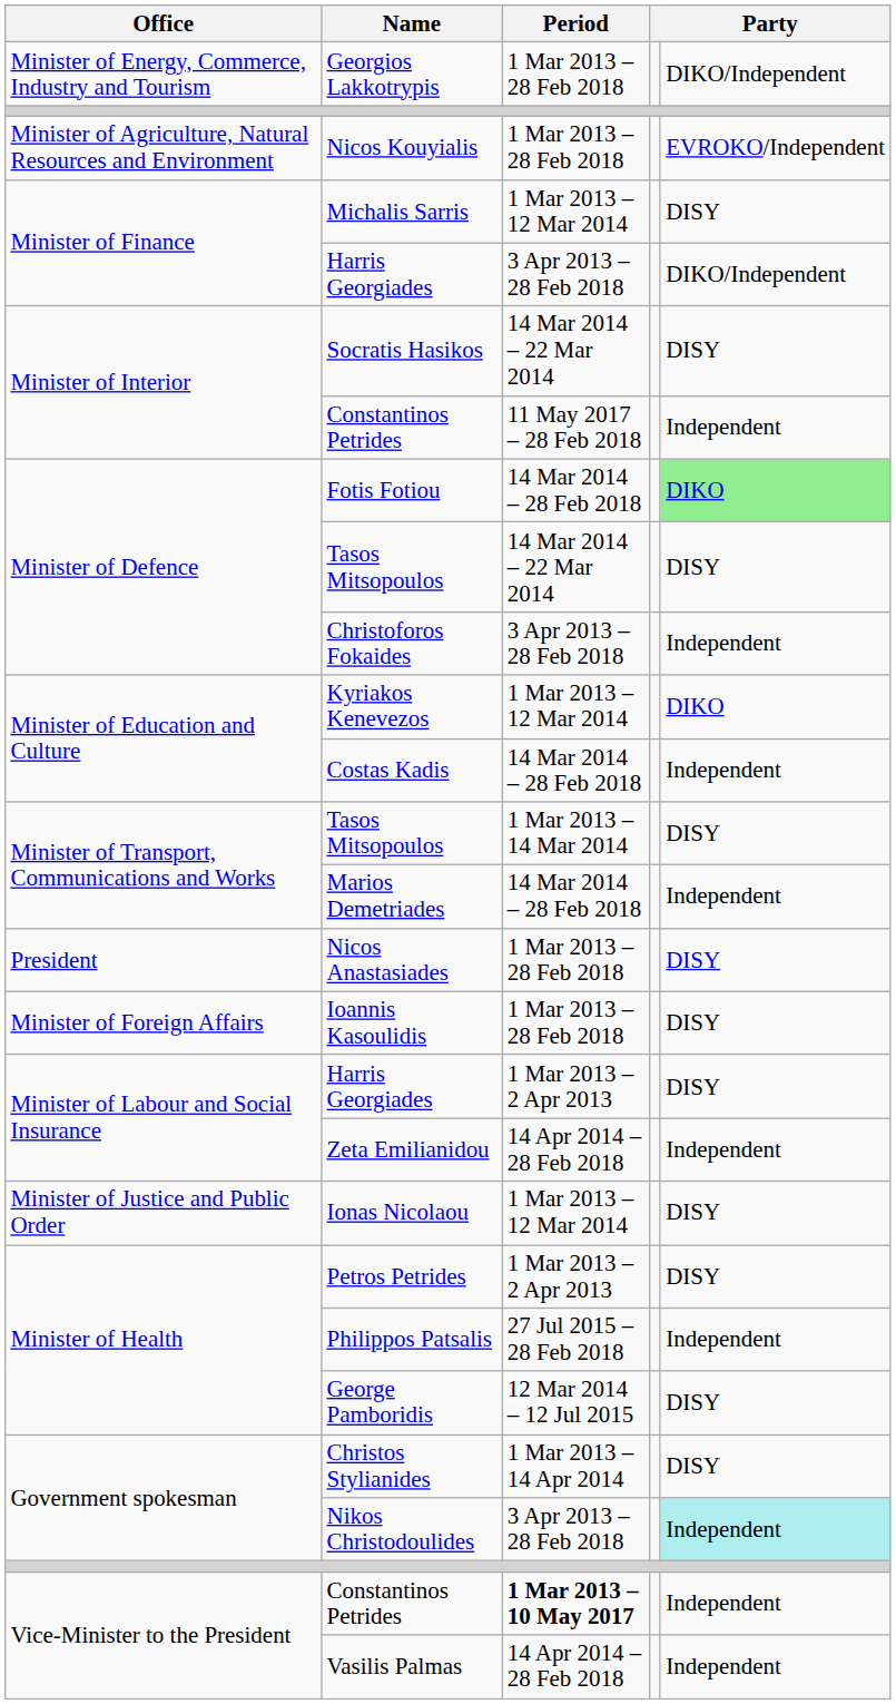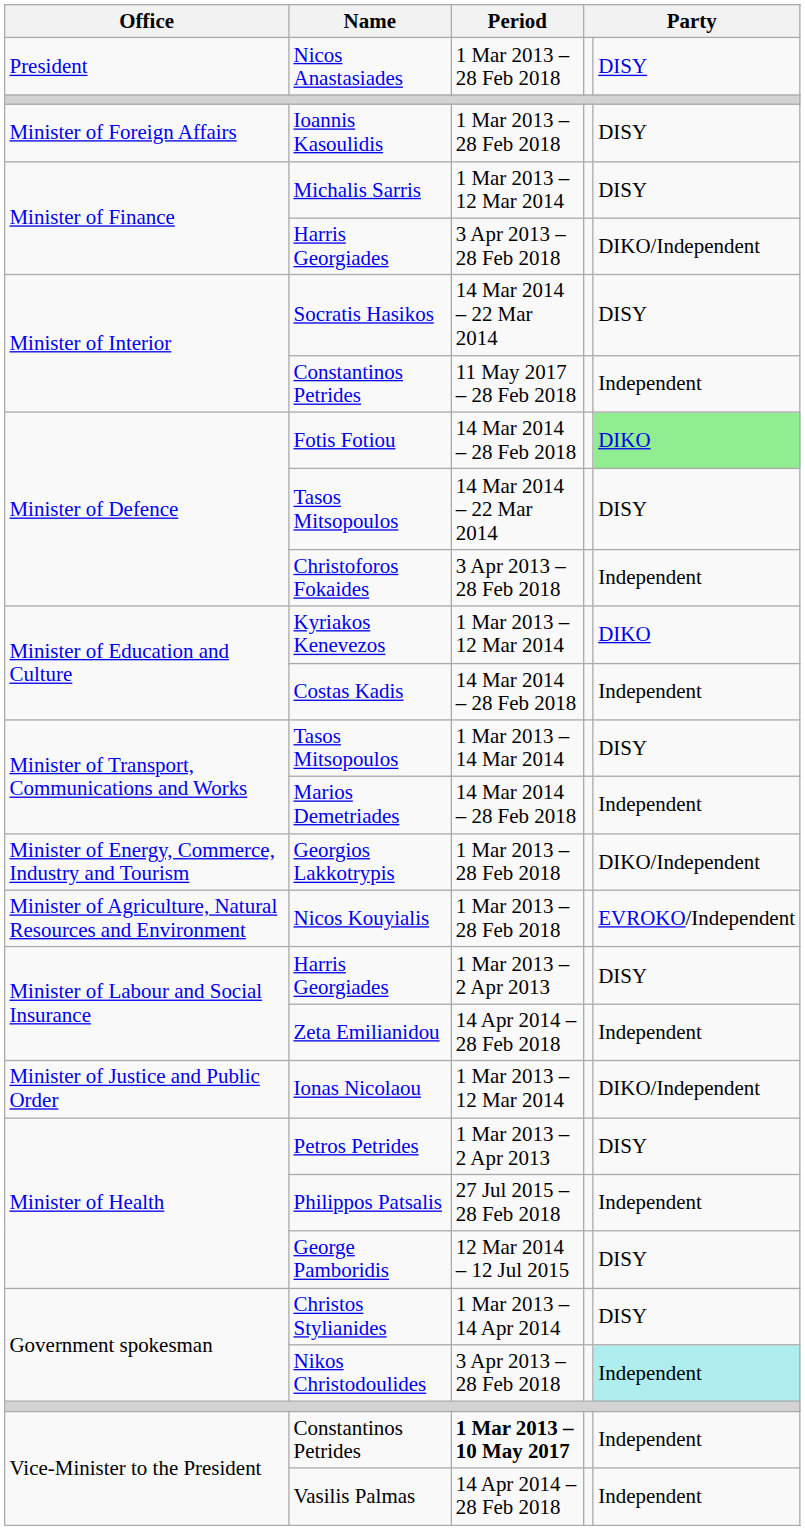 <table class="wikitable">
 <tr>
 <th>Office</th>
 <th>Name</th>
 <th>Period</th>
 <th colspan="2">Party</th>
 </tr>
 <tr>
-<td><a href='#'>Minister of Energy, Commerce, Industry and Tourism</a></td>
-<td><a href='#'>Georgios Lakkotrypis</a></td>
+<td><a href='#'>President</a></td>
+<td><a href='#'>Nicos Anastasiades</a></td>
 <td>1 Mar 2013 – 28 Feb 2018</td>
-<td style="background-color:"></td>
-<td>DIKO/Independent</td>
+<td style="background-color: "></td>
+<td><a href='#'>DISY</a></td>
 </tr>
 <tr>
 <td colspan="5" style="background:lightgrey;"></td>
 </tr>
 <tr>
-<td><a href='#'>Minister of Agriculture, Natural Resources and Environment</a></td>
-<td><a href='#'>Nicos Kouyialis</a></td>
+<td><a href='#'>Minister of Foreign Affairs</a></td>
+<td><a href='#'>Ioannis Kasoulidis</a></td>
 <td>1 Mar 2013 – 28 Feb 2018</td>
 <td style="background-color: "></td>
-<td><a href='#'>EVROKO</a>/Independent</td>
+<td>DISY</td>
 </tr>
 <tr>
 <td rowspan=2><a href='#'>Minister of Finance</a></td>
 <td><a href='#'>Michalis Sarris</a></td>
 <td>1 Mar 2013 – 12 Mar 2014</td>
 <td style="background-color:"></td>
 <td>DISY</td>
 </tr>
 <tr>
 <td><a href='#'>Harris Georgiades</a></td>
 <td>3 Apr 2013 – 28 Feb 2018</td>
 <td style="background-color: "></td>
 <td>DIKO/Independent</td>
 </tr>
 <tr>
 <td rowspan=2><a href='#'>Minister of Interior</a></td>
 <td><a href='#'>Socratis Hasikos</a></td>
 <td>14 Mar 2014 – 22 Mar 2014</td>
 <td style="background-color: "></td>
 <td>DISY</td>
 </tr>
 <tr>
 <td><a href='#'>Constantinos Petrides</a></td>
 <td>11 May 2017 – 28 Feb 2018</td>
 <td style="background-color: "></td>
 <td>Independent</td>
 </tr>
 <tr>
 <td rowspan=3><a href='#'>Minister of Defence</a></td>
 <td><a href='#'>Fotis Fotiou</a></td>
 <td>14 Mar 2014 – 28 Feb 2018</td>
 <td style="background-color: "></td>
 <td style="background: lightgreen;"><a href='#'>DIKO</a></td>
 </tr>
 <tr>
 <td><a href='#'>Tasos Mitsopoulos</a></td>
 <td>14 Mar 2014 – 22 Mar 2014</td>
 <td style="background-color: "></td>
 <td>DISY</td>
 </tr>
 <tr>
 <td><a href='#'>Christoforos Fokaides</a></td>
 <td>3 Apr 2013 – 28 Feb 2018</td>
 <td style="background-color: "></td>
 <td>Independent</td>
 </tr>
 <tr>
 <td rowspan=2><a href='#'>Minister of Education and Culture</a></td>
 <td><a href='#'>Kyriakos Kenevezos</a></td>
 <td>1 Mar 2013 – 12 Mar 2014</td>
 <td style="background-color: "></td>
 <td><a href='#'>DIKO</a></td>
 </tr>
 <tr>
 <td><a href='#'>Costas Kadis</a></td>
 <td>14 Mar 2014 – 28 Feb 2018</td>
 <td style="background-color:"></td>
 <td>Independent</td>
 </tr>
 <tr>
 <td rowspan=2><a href='#'>Minister of Transport, Communications and Works</a></td>
 <td><a href='#'>Tasos Mitsopoulos</a></td>
 <td>1 Mar 2013 – 14 Mar 2014</td>
 <td style="background-color: "></td>
 <td>DISY</td>
 </tr>
 <tr>
 <td><a href='#'>Marios Demetriades</a></td>
 <td>14 Mar 2014 – 28 Feb 2018</td>
 <td style="background-color:"></td>
 <td>Independent</td>
 </tr>
 <tr>
-<td><a href='#'>President</a></td>
-<td><a href='#'>Nicos Anastasiades</a></td>
+<td><a href='#'>Minister of Energy, Commerce, Industry and Tourism</a></td>
+<td><a href='#'>Georgios Lakkotrypis</a></td>
+<td>1 Mar 2013 – 28 Feb 2018</td>
+<td style="background-color:"></td>
+<td>DIKO/Independent</td>
+</tr>
+<tr>
+<td><a href='#'>Minister of Agriculture, Natural Resources and Environment</a></td>
+<td><a href='#'>Nicos Kouyialis</a></td>
 <td>1 Mar 2013 – 28 Feb 2018</td>
 <td style="background-color: "></td>
-<td><a href='#'>DISY</a></td>
-</tr>
-<tr>
-<td><a href='#'>Minister of Foreign Affairs</a></td>
-<td><a href='#'>Ioannis Kasoulidis</a></td>
-<td>1 Mar 2013 – 28 Feb 2018</td>
-<td style="background-color: "></td>
-<td>DISY</td>
+<td><a href='#'>EVROKO</a>/Independent</td>
 </tr>
 <tr>
 <td rowspan=2><a href='#'>Minister of Labour and Social Insurance</a></td>
 <td><a href='#'>Harris Georgiades</a></td>
 <td>1 Mar 2013 – 2 Apr 2013</td>
 <td style="background-color: "></td>
 <td>DISY</td>
 </tr>
 <tr>
 <td><a href='#'>Zeta Emilianidou</a></td>
 <td>14 Apr 2014 – 28 Feb 2018</td>
 <td style="background-color: "></td>
 <td>Independent</td>
 </tr>
 <tr>
 <td><a href='#'>Minister of Justice and Public Order</a></td>
 <td><a href='#'>Ionas Nicolaou</a></td>
 <td>1 Mar 2013 – 12 Mar 2014</td>
 <td style="background-color: "></td>
-<td>DISY</td>
+<td>DIKO/Independent</td>
 </tr>
 <tr>
 <td rowspan=3><a href='#'>Minister of Health</a></td>
 <td><a href='#'>Petros Petrides</a></td>
 <td>1 Mar 2013 – 2 Apr 2013</td>
 <td style="background-color: "></td>
 <td>DISY</td>
 </tr>
 <tr>
 <td><a href='#'>Philippos Patsalis</a></td>
 <td>27 Jul 2015 – 28 Feb 2018</td>
 <td style="background-color: "></td>
 <td>Independent</td>
 </tr>
 <tr>
 <td><a href='#'>George Pamboridis</a></td>
 <td>12 Mar 2014 – 12 Jul 2015</td>
 <td style="background-color: "></td>
 <td>DISY</td>
 </tr>
 <tr>
 <td rowspan=2>Government spokesman</td>
 <td><a href='#'>Christos Stylianides</a></td>
 <td>1 Mar 2013 – 14 Apr 2014</td>
 <td style="background-color: "></td>
 <td>DISY</td>
 </tr>
 <tr>
 <td><a href='#'>Nikos Christodoulides</a></td>
 <td>3 Apr 2013 – 28 Feb 2018</td>
 <td style="background-color: "></td>
 <td style="background: paleturquoise;">Independent</td>
 </tr>
 <tr>
 <td colspan="5" style="background:lightgrey;"></td>
 </tr>
 <tr>
 <td rowspan=2>Vice-Minister to the President</td>
 <td>Constantinos Petrides</td>
 <td><strong>1 Mar 2013 – 10 May 2017</strong></td>
 <td style="background-color: "></td>
 <td>Independent</td>
 </tr>
 <tr>
 <td>Vasilis Palmas</td>
 <td>14 Apr 2014 – 28 Feb 2018</td>
 <td style="background-color: "></td>
 <td>Independent</td>
 </tr>
 <tr>
 </tr>
 </table>
